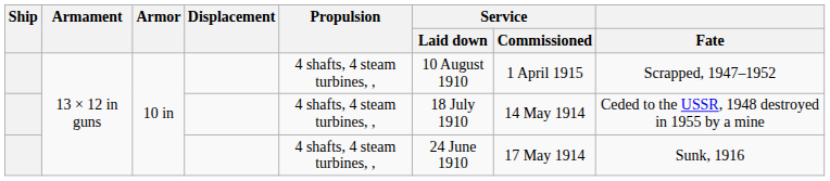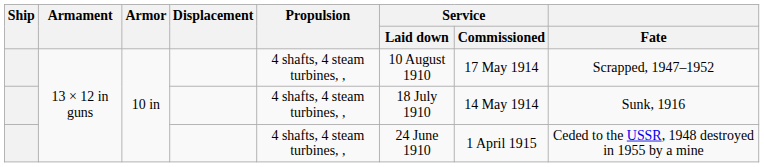 <table class="wikitable plainrowheaders" style="text-align: center;">
 <tr valign="top">
 <th scope="col" rowspan="2">Ship</th>
 <th scope="col" rowspan="2">Armament</th>
 <th scope="col" rowspan="2">Armor</th>
 <th scope="col" rowspan="2">Displacement</th>
 <th scope="col" rowspan="2">Propulsion</th>
 <th scope="col" colspan="2">Service</th>
 <th></th>
 </tr>
 <tr valign="top">
 <th scope="col">Laid down</th>
 <th scope="col">Commissioned</th>
 <th scope="col">Fate</th>
 </tr>
 <tr valign="center">
 <th scope="row"></th>
 <td rowspan="3">13 × 12 in guns</td>
 <td rowspan="3">10 in</td>
 <td></td>
 <td>4 shafts, 4 steam turbines, , </td>
 <td>10 August 1910</td>
-<td>1 April 1915</td>
+<td>17 May 1914</td>
 <td>Scrapped, 1947–1952</td>
 </tr>
 <tr valign="center">
 <th scope="row"></th>
 <td></td>
 <td>4 shafts, 4 steam turbines, , </td>
 <td>18 July 1910</td>
 <td>14 May 1914</td>
-<td>Ceded to the <a href='#'>USSR</a>, 1948 destroyed in 1955 by a mine</td>
+<td>Sunk, 1916</td>
 </tr>
 <tr valign="center">
 <th scope="row"></th>
 <td></td>
 <td>4 shafts, 4 steam turbines, , </td>
 <td>24 June 1910</td>
-<td>17 May 1914</td>
-<td>Sunk, 1916</td>
+<td>1 April 1915</td>
+<td>Ceded to the <a href='#'>USSR</a>, 1948 destroyed in 1955 by a mine</td>
 </tr>
 </table>
